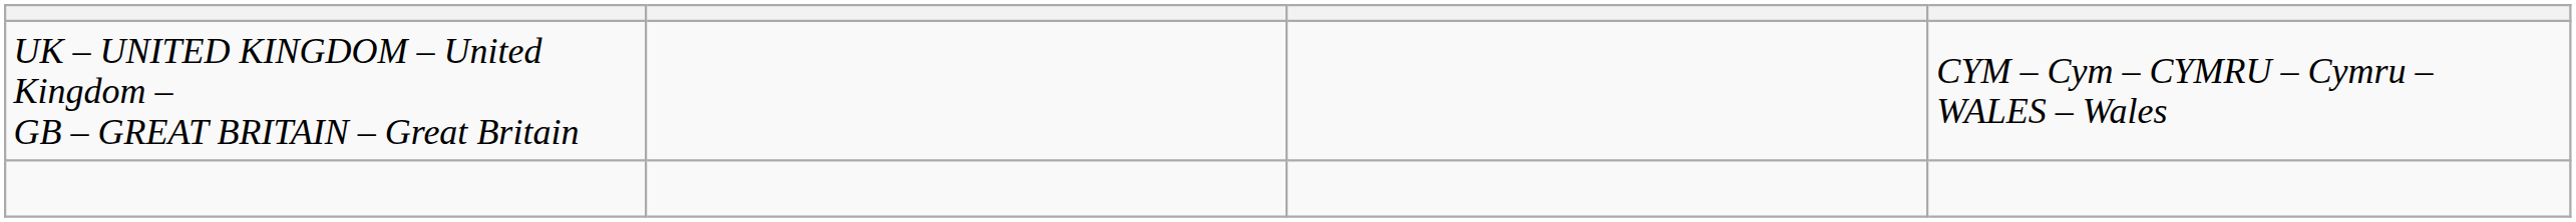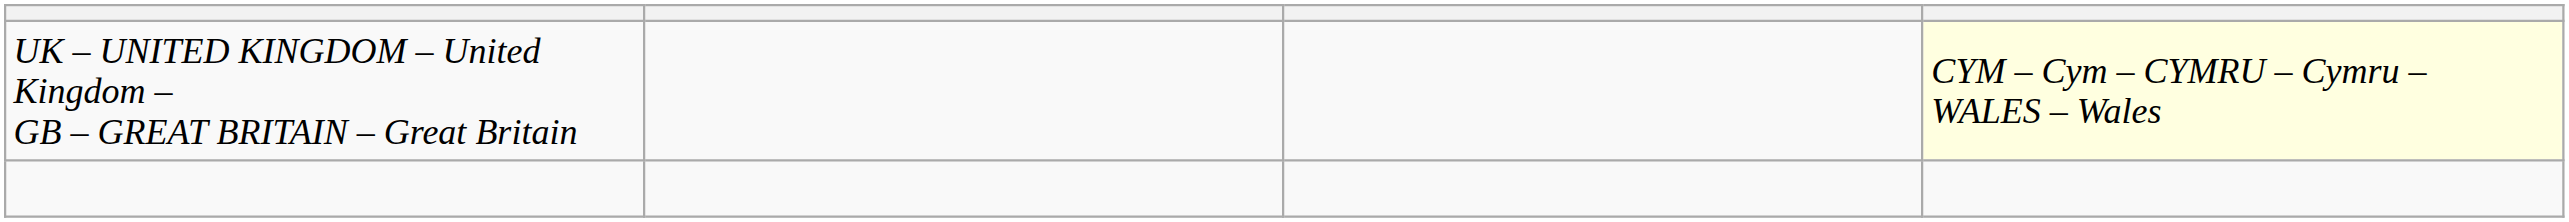 <table class="wikitable" style="width:90%;">
 <tr>
 <th width=25%></th>
 <th width=25%></th>
 <th width=25%></th>
 <th width=25%></th>
 </tr>
 <tr>
 <td><div><em>UK – UNITED KINGDOM – United Kingdom  –</em><br><em>GB – GREAT BRITAIN – Great Britain</em></div></td>
 <td></td>
 <td></td>
-<td><div><em>CYM – Cym – CYMRU – Cymru –</em><br><em>WALES – Wales</em></div></td>
+<td style="background: lightyellow;"><div><em>CYM – Cym – CYMRU – Cymru –</em><br><em>WALES – Wales</em></div></td>
 </tr>
 <tr>
 <td width="25%"><br>   </td>
 <td width="25%"><br></td>
 <td width="25%"><br></td>
 <td width="25%"><br> </td>
 </tr>
 </table>
